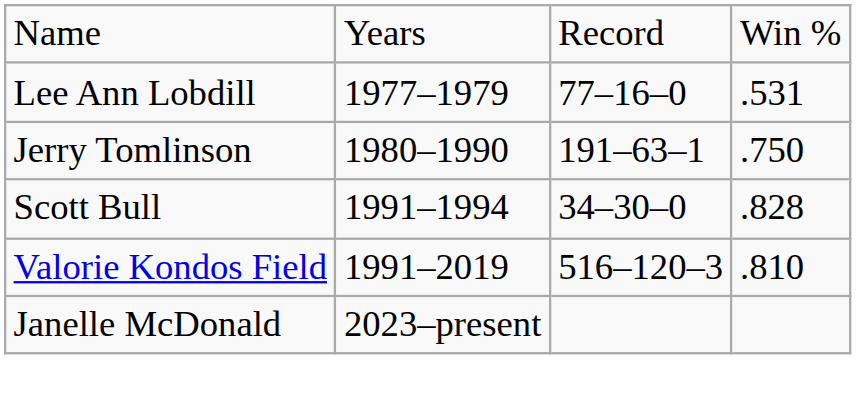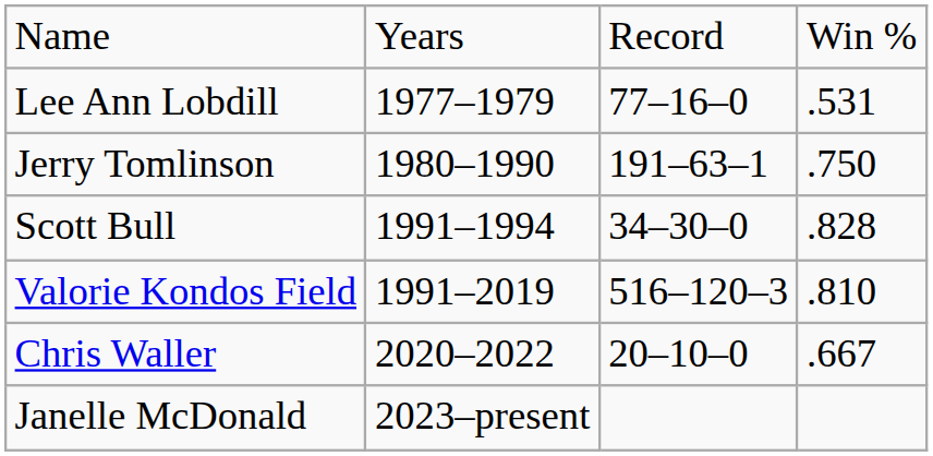 <table class="wikitable">
 <tr>
 <td>Name</td>
 <td>Years</td>
 <td>Record</td>
 <td>Win %</td>
 </tr>
 <tr>
 <td>Lee Ann Lobdill</td>
 <td>1977–1979</td>
 <td>77–16–0</td>
 <td>.531</td>
 </tr>
 <tr>
 <td>Jerry Tomlinson</td>
 <td>1980–1990</td>
 <td>191–63–1</td>
 <td>.750</td>
 </tr>
 <tr>
 <td>Scott Bull</td>
 <td>1991–1994</td>
 <td>34–30–0</td>
 <td>.828</td>
 </tr>
 <tr>
 <td><a href='#'>Valorie Kondos Field</a></td>
 <td>1991–2019</td>
 <td>516–120–3</td>
 <td>.810</td>
 </tr>
 <tr>
+<td><a href='#'>Chris Waller</a></td>
+<td>2020–2022</td>
+<td>20–10–0</td>
+<td>.667</td>
+</tr>
+<tr>
 <td>Janelle McDonald</td>
 <td>2023–present</td>
 <td></td>
 <td></td>
 </tr>
 </table>
